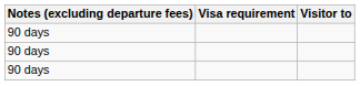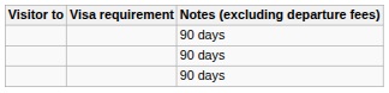 <table class="wikitable">
 <tr>
+<th>Visitor to</th>
+<th>Visa requirement</th>
 <th>Notes (excluding departure fees)</th>
-<th>Visa requirement</th>
-<th>Visitor to</th>
 </tr>
 <tr>
-<td>90 days</td>
 <td></td>
 <td></td>
+<td>90 days</td>
 </tr>
 <tr>
-<td>90 days</td>
 <td></td>
 <td></td>
+<td>90 days</td>
 </tr>
 <tr>
-<td>90 days</td>
 <td></td>
 <td></td>
+<td>90 days</td>
 </tr>
 </table>
